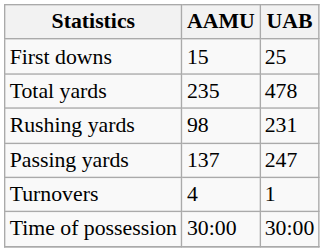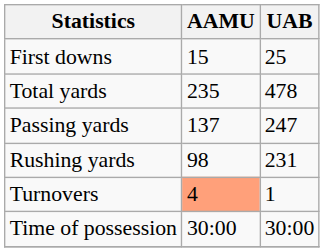 <table class="wikitable">
 <tr>
 <th>Statistics</th>
 <th>AAMU</th>
 <th>UAB</th>
 </tr>
 <tr>
 <td>First downs</td>
 <td>15</td>
 <td>25</td>
 </tr>
 <tr>
 <td>Total yards</td>
 <td>235</td>
 <td>478</td>
 </tr>
 <tr>
+<td>Passing yards</td>
+<td>137</td>
+<td>247</td>
+</tr>
+<tr>
 <td>Rushing yards</td>
 <td>98</td>
 <td>231</td>
 </tr>
 <tr>
-<td>Passing yards</td>
-<td>137</td>
-<td>247</td>
-</tr>
-<tr>
 <td>Turnovers</td>
-<td>4</td>
+<td style="background: lightsalmon;">4</td>
 <td>1</td>
 </tr>
 <tr>
 <td>Time of possession</td>
 <td>30:00</td>
 <td>30:00</td>
 </tr>
 <tr>
 </tr>
 </table>
